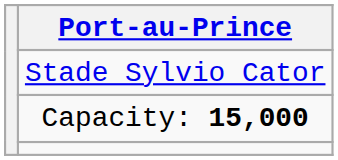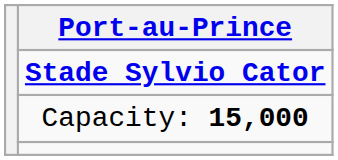 <table class="wikitable" style="text-align:center">
 <tr>
 <th rowspan="7"></th>
 <th><a href='#'>Port-au-Prince</a></th>
 </tr>
 <tr>
-<td><a href='#'>Stade Sylvio Cator</a></td>
+<td><strong><a href='#'>Stade Sylvio Cator</a></strong></td>
 </tr>
 <tr>
 <td>Capacity: <strong>15,000</strong></td>
 </tr>
 <tr>
 <td></td>
 </tr>
 </table>
